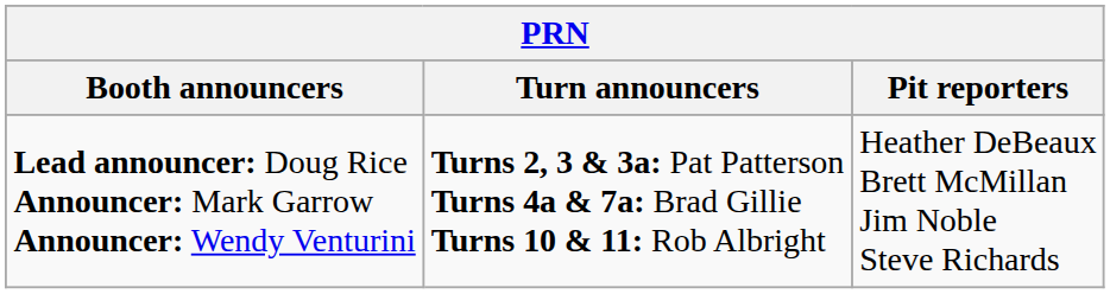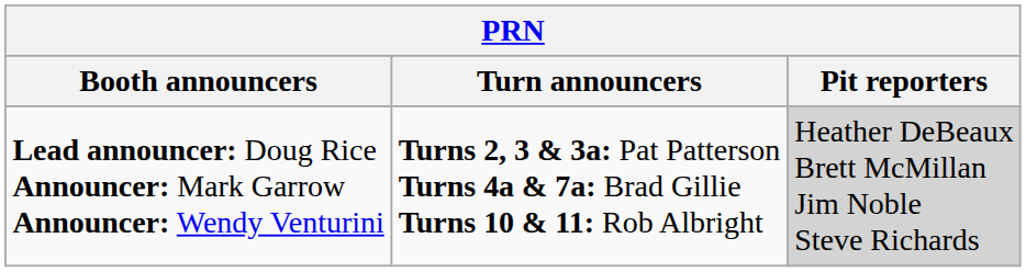 <table class="wikitable" style="font-size: 95%;">
 <tr>
 <th colspan="3"><a href='#'>PRN</a></th>
 </tr>
 <tr>
 <th>Booth announcers</th>
 <th>Turn announcers</th>
 <th>Pit reporters</th>
 </tr>
 <tr>
 <td><strong>Lead announcer:</strong> Doug Rice<br><strong>Announcer:</strong> Mark Garrow<br><strong>Announcer:</strong> <a href='#'>Wendy Venturini</a></td>
 <td><strong>Turns 2, 3 & 3a:</strong> Pat Patterson<br><strong>Turns 4a & 7a:</strong> Brad Gillie<br><strong>Turns 10 & 11:</strong> Rob Albright</td>
-<td>Heather DeBeaux<br>Brett McMillan<br>Jim Noble<br>Steve Richards</td>
+<td style="background: lightgrey;">Heather DeBeaux<br>Brett McMillan<br>Jim Noble<br>Steve Richards</td>
 </tr>
 </table>
